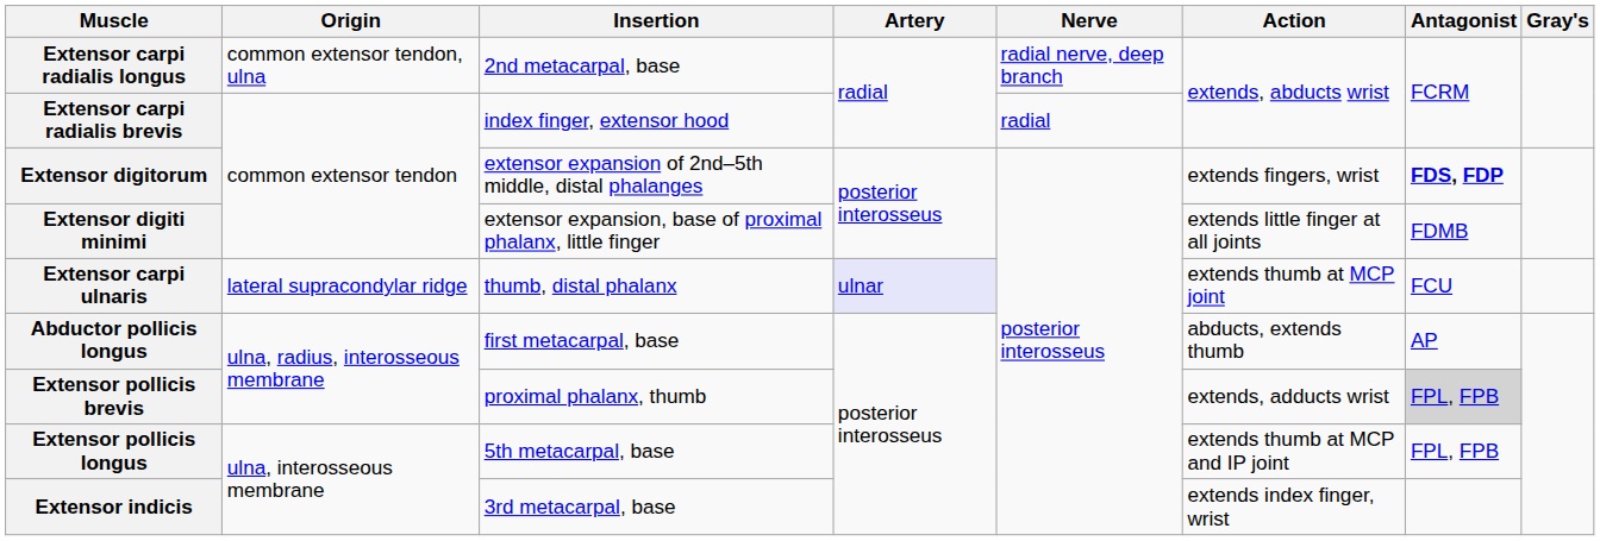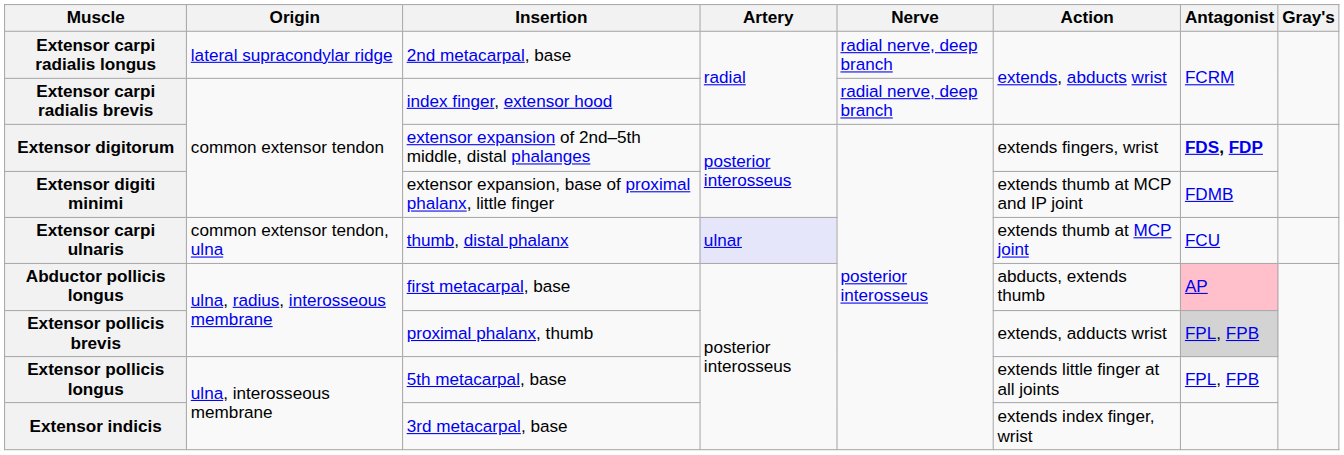 <table class="wikitable ">
 <tr>
 <th scope="col">Muscle</th>
 <th scope="col">Origin</th>
 <th scope="col">Insertion</th>
 <th scope="col">Artery</th>
 <th scope="col">Nerve</th>
 <th scope="col">Action</th>
 <th scope="col">Antagonist</th>
 <th scope="col">Gray's</th>
 </tr>
 <tr>
 <th scope="row">Extensor carpi radialis longus</th>
-<td>common extensor tendon, <a href='#'>ulna</a></td>
+<td><a href='#'>lateral supracondylar ridge</a></td>
 <td><a href='#'>2nd metacarpal</a>, base</td>
 <td rowspan="2"><a href='#'>radial</a></td>
 <td><a href='#'>radial nerve, deep branch</a></td>
 <td rowspan="2"><a href='#'>extends</a>, <a href='#'>abducts</a> <a href='#'>wrist</a></td>
 <td rowspan="2"><a href='#'>FCRM</a></td>
 <td rowspan="2"></td>
 </tr>
 <tr>
 <th scope="row">Extensor carpi radialis brevis</th>
 <td rowspan="3">common extensor tendon</td>
 <td><a href='#'>index finger</a>, <a href='#'>extensor hood</a></td>
-<td><a href='#'>radial</a></td>
+<td><a href='#'>radial nerve, deep branch</a></td>
 </tr>
 <tr>
 <th scope="row">Extensor digitorum</th>
 <td><a href='#'>extensor expansion</a> of 2nd–5th middle, distal <a href='#'>phalanges</a></td>
 <td rowspan="2"><a href='#'>posterior interosseus</a></td>
 <td rowspan="7"><a href='#'>posterior interosseus</a></td>
 <td>extends fingers, wrist</td>
 <td><strong><a href='#'>FDS</a>, <a href='#'>FDP</a></strong></td>
 <td rowspan="2"></td>
 </tr>
 <tr>
 <th scope="row">Extensor digiti minimi</th>
 <td>extensor expansion, base of <a href='#'>proximal phalanx</a>, little finger</td>
-<td>extends little finger at all joints</td>
+<td>extends thumb at MCP and IP joint</td>
 <td><a href='#'>FDMB</a></td>
 </tr>
 <tr>
 <th scope="row">Extensor carpi ulnaris</th>
-<td><a href='#'>lateral supracondylar ridge</a></td>
+<td>common extensor tendon, <a href='#'>ulna</a></td>
 <td><a href='#'>thumb</a>, <a href='#'>distal phalanx</a></td>
 <td style="background: lavender;"><a href='#'>ulnar</a></td>
 <td>extends thumb at <a href='#'>MCP joint</a></td>
 <td><a href='#'>FCU</a></td>
 <td></td>
 </tr>
 <tr>
 <th scope="row">Abductor pollicis longus</th>
 <td rowspan="2"><a href='#'>ulna</a>, <a href='#'>radius</a>, <a href='#'>interosseous membrane</a></td>
 <td><a href='#'>first metacarpal</a>, base</td>
 <td rowspan="4">posterior interosseus</td>
 <td>abducts, extends thumb</td>
-<td><a href='#'>AP</a></td>
+<td style="background: pink;"><a href='#'>AP</a></td>
 <td rowspan="4"></td>
 </tr>
 <tr>
 <th scope="row">Extensor pollicis brevis</th>
 <td><a href='#'>proximal phalanx</a>, thumb</td>
 <td>extends, adducts wrist</td>
 <td style="background: lightgrey;"><a href='#'>FPL</a>, <a href='#'>FPB</a></td>
 </tr>
 <tr>
 <th scope="row">Extensor pollicis longus</th>
 <td rowspan="2"><a href='#'>ulna</a>, interosseous membrane</td>
 <td><a href='#'>5th metacarpal</a>, base</td>
-<td>extends thumb at MCP and IP joint</td>
+<td>extends little finger at all joints</td>
 <td><a href='#'>FPL</a>, <a href='#'>FPB</a></td>
 </tr>
 <tr>
 <th scope="row">Extensor indicis</th>
 <td><a href='#'>3rd metacarpal</a>, base</td>
 <td>extends index finger, wrist</td>
 <td></td>
 </tr>
 </table>
